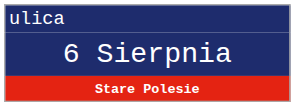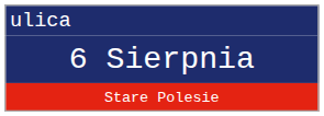 <table class="wikitable">
 <tr>
 <td width="220px" style="background:#1E2C6D; font-size:115%; color:#FFFFFF; border-bottom:#623934">ulica</td>
 </tr>
 <tr>
 <td width="220px" style="text-align:center; background:#1E2C6D; font-size:175%; color:#FFFFFF; border-top:#623934; border-bottom:#623934">6 Sierpnia</td>
 </tr>
 <tr>
-<td width="220px" style="text-align:center; background:#E42312; color:#FFFFFF; border-top:#623934"><strong><small>Stare Polesie</small></strong></td>
+<td width="220px" style="text-align:center; background:#E42312; color:#FFFFFF; border-top:#623934"><small>Stare Polesie</small></td>
 </tr>
 </table>
